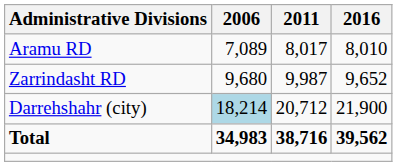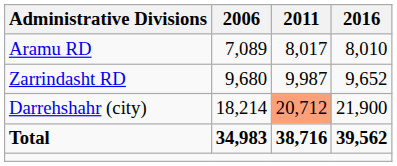 <table class="wikitable">
 <tr>
 <th>Administrative Divisions</th>
 <th>2006</th>
 <th>2011</th>
 <th>2016</th>
 </tr>
 <tr>
 <td><a href='#'>Aramu RD</a></td>
 <td style="text-align: right;">7,089</td>
 <td style="text-align: right;">8,017</td>
 <td style="text-align: right;">8,010</td>
 </tr>
 <tr>
 <td><a href='#'>Zarrindasht RD</a></td>
 <td style="text-align: right;">9,680</td>
 <td style="text-align: right;">9,987</td>
 <td style="text-align: right;">9,652</td>
 </tr>
 <tr>
 <td><a href='#'>Darrehshahr</a> (city)</td>
-<td style="background: lightblue; text-align: right;">18,214</td>
-<td style="text-align: right;">20,712</td>
+<td style="text-align: right;">18,214</td>
+<td style="background: lightsalmon; text-align: right;">20,712</td>
 <td style="text-align: right;">21,900</td>
 </tr>
 <tr>
 <td><strong>Total</strong></td>
 <td style="text-align: right;"><strong>34,983</strong></td>
 <td style="text-align: right;"><strong>38,716</strong></td>
 <td style="text-align: right;"><strong>39,562</strong></td>
 </tr>
 <tr>
 <td colspan=4></td>
 </tr>
 </table>
